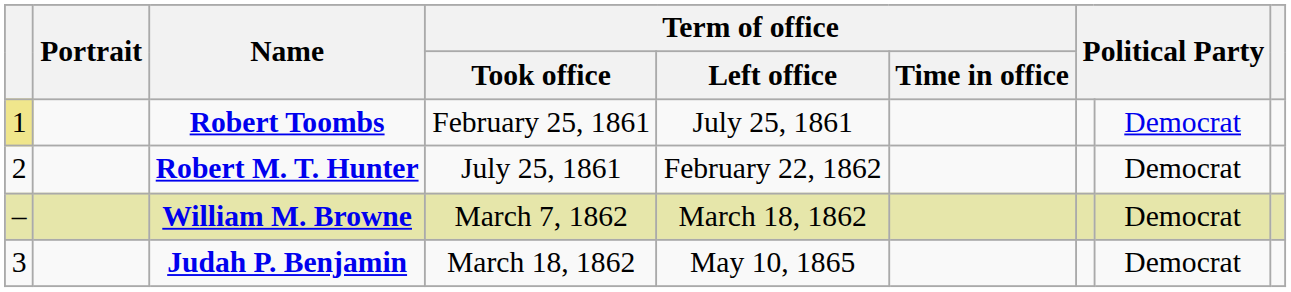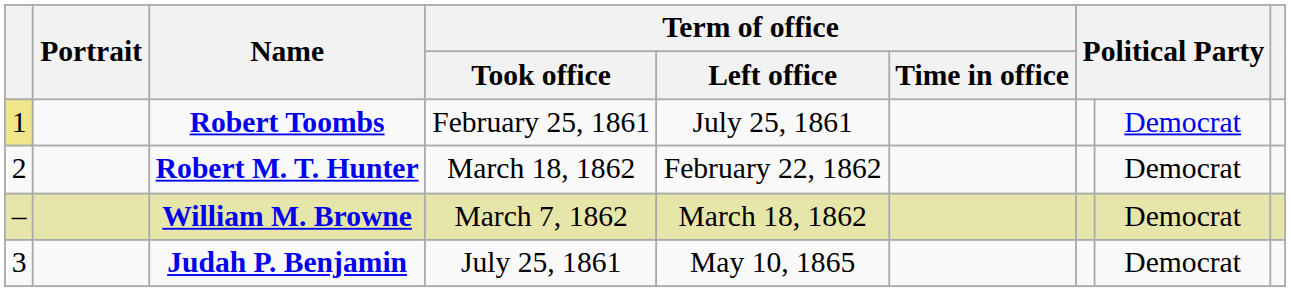 <table class="wikitable" style="text-align:center;">
 <tr>
 <th rowspan=2></th>
 <th rowspan=2>Portrait</th>
 <th rowspan=2>Name<br></th>
 <th colspan=3>Term of office</th>
 <th colspan=2 rowspan=2>Political Party</th>
 <th rowspan=2></th>
 </tr>
 <tr>
 <th>Took office</th>
 <th>Left office</th>
 <th>Time in office</th>
 </tr>
 <tr>
 <td style="background: khaki;">1</td>
 <td></td>
 <td><strong><a href='#'>Robert Toombs</a></strong><br></td>
 <td>February 25, 1861</td>
 <td>July 25, 1861</td>
 <td></td>
 <td style="background-color: "></td>
 <td><a href='#'>Democrat</a></td>
 <td></td>
 </tr>
 <tr>
 <td>2</td>
 <td></td>
 <td><strong><a href='#'>Robert M. T. Hunter</a></strong><br></td>
-<td>July 25, 1861</td>
+<td>March 18, 1862</td>
 <td>February 22, 1862</td>
 <td></td>
 <td style="background-color: "></td>
 <td>Democrat</td>
 <td></td>
 </tr>
 <tr style="background-color: #E6E6AA" |>
 <td>–</td>
 <td></td>
 <td><strong><a href='#'>William M. Browne</a></strong><br></td>
 <td>March 7, 1862</td>
 <td>March 18, 1862</td>
 <td></td>
 <td style="background-color: "></td>
 <td>Democrat</td>
 <td></td>
 </tr>
 <tr>
 <td>3</td>
 <td></td>
 <td><strong><a href='#'>Judah P. Benjamin</a></strong><br></td>
-<td>March 18, 1862</td>
+<td>July 25, 1861</td>
 <td>May 10, 1865</td>
 <td></td>
 <td style="background-color: "></td>
 <td>Democrat</td>
 <td></td>
 </tr>
 </table>
